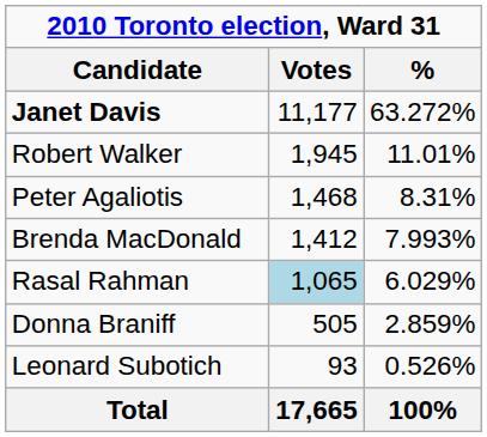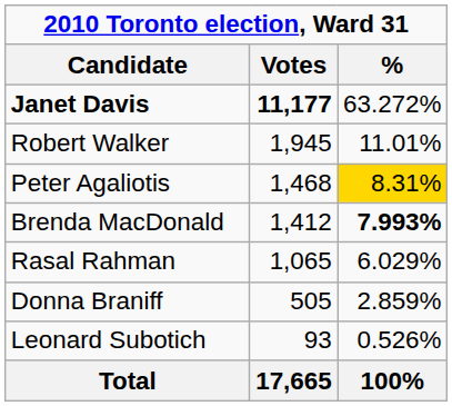 <table class="wikitable">
 <tr>
 <td Colspan="3" align="center"><strong><a href='#'>2010 Toronto election</a>, Ward 31</strong></td>
 </tr>
 <tr>
 <th bgcolor="#DDDDFF" width="150px">Candidate</th>
 <th bgcolor="#DDDDFF">Votes</th>
 <th bgcolor="#DDDDFF">%</th>
 </tr>
 <tr>
 <td><strong>Janet Davis</strong></td>
-<td align=right>11,177</td>
+<td align=right><strong>11,177</strong></td>
 <td align=right>63.272%</td>
 </tr>
 <tr>
 <td>Robert Walker</td>
 <td align=right>1,945</td>
 <td align=right>11.01%</td>
 </tr>
 <tr>
 <td>Peter Agaliotis</td>
 <td align=right>1,468</td>
-<td align=right>8.31%</td>
+<td align=right style="background: gold;">8.31%</td>
 </tr>
 <tr>
 <td>Brenda MacDonald</td>
 <td align=right>1,412</td>
-<td align=right>7.993%</td>
+<td align=right><strong>7.993%</strong></td>
 </tr>
 <tr>
 <td>Rasal Rahman</td>
-<td align=right style="background: lightblue;">1,065</td>
+<td align=right>1,065</td>
 <td align=right>6.029%</td>
 </tr>
 <tr>
 <td>Donna Braniff</td>
 <td align=right>505</td>
 <td align=right>2.859%</td>
 </tr>
 <tr>
 <td>Leonard Subotich</td>
 <td align=right>93</td>
 <td align=right>0.526%</td>
 </tr>
 <tr>
 <th>Total</th>
 <th align=right>17,665</th>
 <th align=right>100%</th>
 </tr>
 </table>
